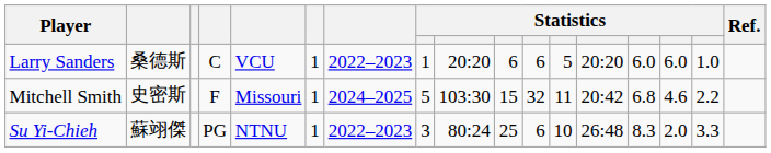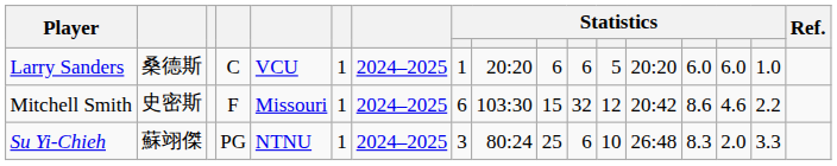 <table class="wikitable sortable" style="font-size:95%; text-align:right;">
 <tr>
 <th rowspan="2">Player</th>
 <th rowspan="2"></th>
 <th rowspan="2"></th>
 <th rowspan="2"></th>
 <th rowspan="2"></th>
 <th rowspan="2"></th>
 <th rowspan="2"></th>
 <th colspan="9">Statistics</th>
 <th rowspan="2">Ref.</th>
 </tr>
 <tr>
 <th></th>
 <th></th>
 <th></th>
 <th></th>
 <th></th>
 <th></th>
 <th></th>
 <th></th>
 <th></th>
 </tr>
 <tr>
 <td align="left"><a href='#'>Larry Sanders</a></td>
 <td align="left">桑德斯</td>
 <td align="center"></td>
 <td align="center">C</td>
 <td align="left"><a href='#'>VCU</a></td>
 <td align="center">1</td>
-<td align="center"><a href='#'>2022–2023</a></td>
+<td align="center"><a href='#'>2024–2025</a></td>
 <td>1</td>
 <td>20:20</td>
 <td>6</td>
 <td>6</td>
 <td>5</td>
 <td>20:20</td>
 <td>6.0</td>
 <td>6.0</td>
 <td>1.0</td>
 <td align="center"></td>
 </tr>
 <tr>
 <td align="left">Mitchell Smith</td>
 <td align="left">史密斯</td>
 <td align="center"></td>
 <td align="center">F</td>
 <td align="left"><a href='#'>Missouri</a></td>
 <td align="center">1</td>
 <td align="center"><a href='#'>2024–2025</a></td>
-<td>5</td>
+<td>6</td>
 <td>103:30</td>
 <td>15</td>
 <td>32</td>
-<td>11</td>
+<td>12</td>
 <td>20:42</td>
-<td>6.8</td>
+<td>8.6</td>
 <td>4.6</td>
 <td>2.2</td>
 <td align="center"></td>
 </tr>
 <tr>
 <td align="left"><em><a href='#'>Su Yi-Chieh</a></em></td>
 <td align="left">蘇翊傑</td>
 <td align="center"></td>
 <td align="center">PG</td>
 <td align="left"><a href='#'>NTNU</a></td>
 <td align="center">1</td>
-<td align="center"><a href='#'>2022–2023</a></td>
+<td align="center"><a href='#'>2024–2025</a></td>
 <td>3</td>
 <td>80:24</td>
 <td>25</td>
 <td>6</td>
 <td>10</td>
 <td>26:48</td>
 <td>8.3</td>
 <td>2.0</td>
 <td>3.3</td>
 <td align="center"></td>
 </tr>
 </table>
